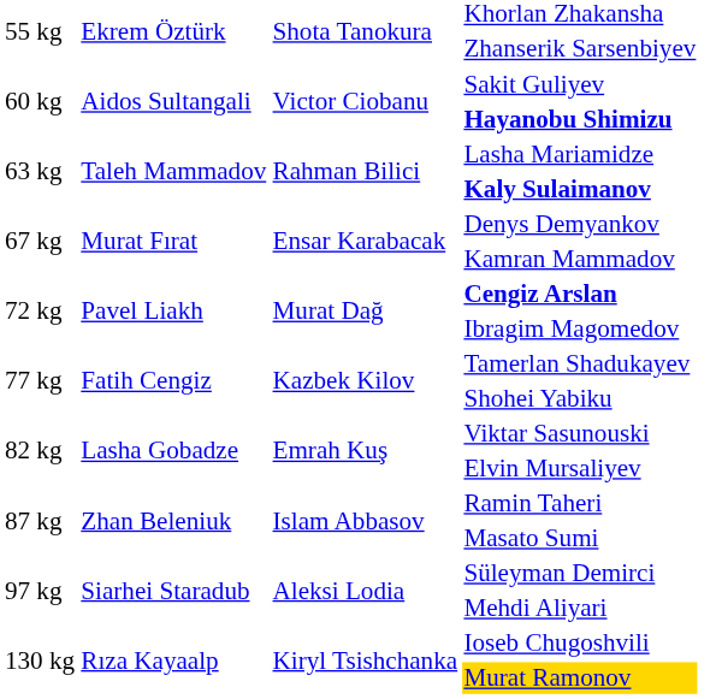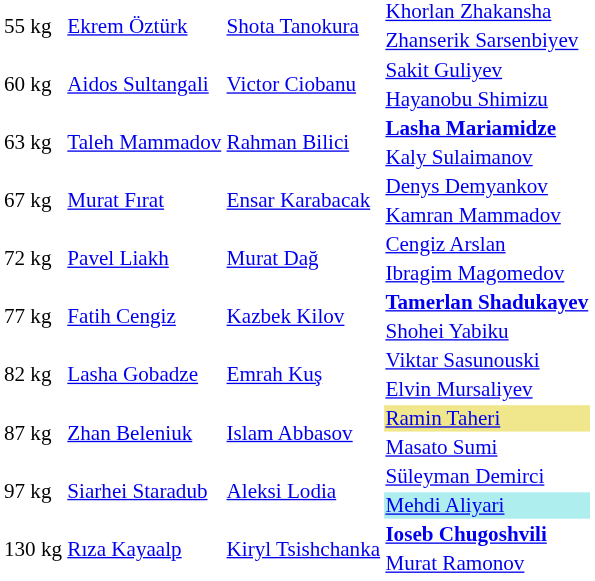 <table>
 <tr>
 <td rowspan=2>55 kg</td>
 <td rowspan=2> <a href='#'>Ekrem Öztürk</a></td>
 <td rowspan=2> <a href='#'>Shota Tanokura</a></td>
 <td> <a href='#'>Khorlan Zhakansha</a></td>
 </tr>
 <tr>
 <td> <a href='#'>Zhanserik Sarsenbiyev</a></td>
 </tr>
 <tr>
 <td rowspan=2>60 kg</td>
 <td rowspan=2> <a href='#'>Aidos Sultangali</a></td>
 <td rowspan=2> <a href='#'>Victor Ciobanu</a></td>
 <td> <a href='#'>Sakit Guliyev</a></td>
 </tr>
 <tr>
-<td><strong> <a href='#'>Hayanobu Shimizu</a></strong></td>
+<td> <a href='#'>Hayanobu Shimizu</a></td>
 </tr>
 <tr>
 <td rowspan=2>63 kg</td>
 <td rowspan=2> <a href='#'>Taleh Mammadov</a></td>
 <td rowspan=2> <a href='#'>Rahman Bilici</a></td>
-<td> <a href='#'>Lasha Mariamidze</a></td>
+<td><strong> <a href='#'>Lasha Mariamidze</a></strong></td>
 </tr>
 <tr>
-<td><strong> <a href='#'>Kaly Sulaimanov</a></strong></td>
+<td> <a href='#'>Kaly Sulaimanov</a></td>
 </tr>
 <tr>
 <td rowspan=2>67 kg</td>
 <td rowspan=2> <a href='#'>Murat Fırat</a></td>
 <td rowspan=2> <a href='#'>Ensar Karabacak</a></td>
 <td> <a href='#'>Denys Demyankov</a></td>
 </tr>
 <tr>
 <td> <a href='#'>Kamran Mammadov</a></td>
 </tr>
 <tr>
 <td rowspan=2>72 kg</td>
 <td rowspan=2> <a href='#'>Pavel Liakh</a></td>
 <td rowspan=2> <a href='#'>Murat Dağ</a></td>
-<td><strong> <a href='#'>Cengiz Arslan</a></strong></td>
+<td> <a href='#'>Cengiz Arslan</a></td>
 </tr>
 <tr>
 <td> <a href='#'>Ibragim Magomedov</a></td>
 </tr>
 <tr>
 <td rowspan=2>77 kg</td>
 <td rowspan=2> <a href='#'>Fatih Cengiz</a></td>
 <td rowspan=2> <a href='#'>Kazbek Kilov</a></td>
-<td> <a href='#'>Tamerlan Shadukayev</a></td>
+<td><strong> <a href='#'>Tamerlan Shadukayev</a></strong></td>
 </tr>
 <tr>
 <td> <a href='#'>Shohei Yabiku</a></td>
 </tr>
 <tr>
 <td rowspan=2>82 kg</td>
 <td rowspan=2> <a href='#'>Lasha Gobadze</a></td>
 <td rowspan=2> <a href='#'>Emrah Kuş</a></td>
 <td> <a href='#'>Viktar Sasunouski</a></td>
 </tr>
 <tr>
 <td> <a href='#'>Elvin Mursaliyev</a></td>
 </tr>
 <tr>
 <td rowspan=2>87 kg</td>
 <td rowspan=2> <a href='#'>Zhan Beleniuk</a></td>
 <td rowspan=2> <a href='#'>Islam Abbasov</a></td>
-<td> <a href='#'>Ramin Taheri</a></td>
+<td style="background: khaki;"> <a href='#'>Ramin Taheri</a></td>
 </tr>
 <tr>
 <td> <a href='#'>Masato Sumi</a></td>
 </tr>
 <tr>
 <td rowspan=2>97 kg</td>
 <td rowspan=2> <a href='#'>Siarhei Staradub</a></td>
 <td rowspan=2> <a href='#'>Aleksi Lodia</a></td>
 <td> <a href='#'>Süleyman Demirci</a></td>
 </tr>
 <tr>
-<td> <a href='#'>Mehdi Aliyari</a></td>
+<td style="background: paleturquoise;"> <a href='#'>Mehdi Aliyari</a></td>
 </tr>
 <tr>
 <td rowspan=2>130 kg</td>
 <td rowspan=2> <a href='#'>Rıza Kayaalp</a></td>
 <td rowspan=2> <a href='#'>Kiryl Tsishchanka</a></td>
-<td> <a href='#'>Ioseb Chugoshvili</a></td>
+<td><strong> <a href='#'>Ioseb Chugoshvili</a></strong></td>
 </tr>
 <tr>
-<td style="background: gold;"> <a href='#'>Murat Ramonov</a></td>
+<td> <a href='#'>Murat Ramonov</a></td>
 </tr>
 <tr>
 </tr>
 </table>
